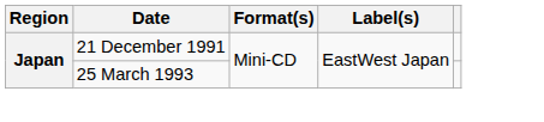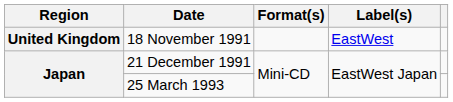 <table class="wikitable plainrowheaders">
 <tr>
 <th scope="col">Region</th>
 <th scope="col">Date</th>
 <th scope="col">Format(s)</th>
 <th scope="col">Label(s)</th>
 <th scope="col"></th>
+</tr>
+<tr>
+<th scope="row">United Kingdom</th>
+<td>18 November 1991</td>
+<td></td>
+<td><a href='#'>EastWest</a></td>
+<td></td>
 </tr>
 <tr>
 <th scope="row" rowspan="2">Japan</th>
 <td>21 December 1991</td>
 <td rowspan="2">Mini-CD</td>
 <td rowspan="2">EastWest Japan</td>
 <td></td>
 </tr>
 <tr>
 <td>25 March 1993</td>
 <td></td>
 </tr>
 </table>
